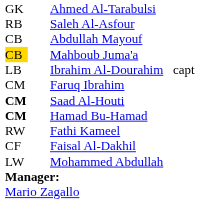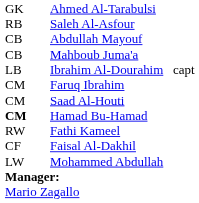 <table style="font-size: 90%" cellspacing="0" cellpadding="0"  align="center">
 <tr>
 <th width="25"></th>
 <th width="25"></th>
 </tr>
 <tr>
 <td>GK</td>
 <td></td>
 <td><a href='#'>Ahmed Al-Tarabulsi</a></td>
 </tr>
 <tr>
 <td>RB</td>
 <td></td>
 <td><a href='#'>Saleh Al-Asfour</a></td>
 </tr>
 <tr>
 <td>CB</td>
 <td></td>
 <td><a href='#'>Abdullah Mayouf</a></td>
 </tr>
 <tr>
-<td style="background: gold;">CB</td>
+<td>CB</td>
 <td></td>
 <td><a href='#'>Mahboub Juma'a</a></td>
 </tr>
 <tr>
 <td>LB</td>
 <td></td>
 <td><a href='#'>Ibrahim Al-Dourahim</a></td>
 <td>   capt</td>
 </tr>
 <tr>
 <td>CM</td>
 <td></td>
 <td><a href='#'>Faruq Ibrahim</a></td>
 </tr>
 <tr>
-<td><strong>CM</strong></td>
+<td>CM</td>
 <td></td>
 <td><a href='#'>Saad Al-Houti</a></td>
 </tr>
 <tr>
 <td><strong>CM</strong></td>
 <td></td>
 <td><a href='#'>Hamad Bu-Hamad</a></td>
 </tr>
 <tr>
 <td>RW</td>
 <td></td>
 <td><a href='#'>Fathi Kameel</a></td>
 </tr>
 <tr>
 <td>CF</td>
 <td></td>
 <td><a href='#'>Faisal Al-Dakhil</a></td>
 </tr>
 <tr>
 <td>LW</td>
 <td></td>
 <td><a href='#'>Mohammed Abdullah</a></td>
 </tr>
 <tr>
 <td colspan=5><strong>Manager:</strong></td>
 </tr>
 <tr>
 <td colspan=5> <a href='#'>Mario Zagallo</a></td>
 </tr>
 </table>
